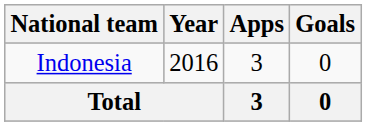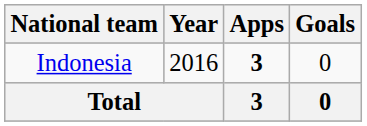 <table class=wikitable style=text-align:center>
 <tr>
 <th>National team</th>
 <th>Year</th>
 <th>Apps</th>
 <th>Goals</th>
 </tr>
 <tr>
 <td><a href='#'>Indonesia</a></td>
 <td>2016</td>
-<td>3</td>
+<td><strong>3</strong></td>
 <td>0</td>
 </tr>
 <tr>
 <th colspan=2>Total</th>
 <th>3</th>
 <th>0</th>
 </tr>
 </table>
